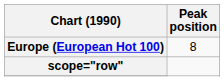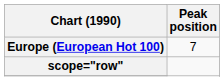 <table class="wikitable plainrowheaders">
 <tr>
 <th>Chart (1990)</th>
 <th align="center">Peak<br>position</th>
 </tr>
 <tr>
 <th scope="row">Europe (<a href='#'>European Hot 100</a>)</th>
-<td align="center">8</td>
+<td align="center">7</td>
 </tr>
 <tr>
 <th>scope="row"</th>
 </tr>
 <tr>
 </tr>
 </table>
